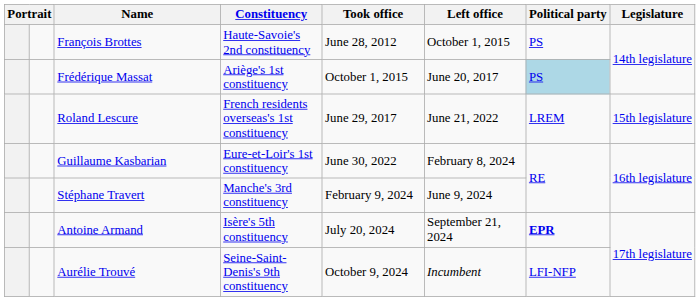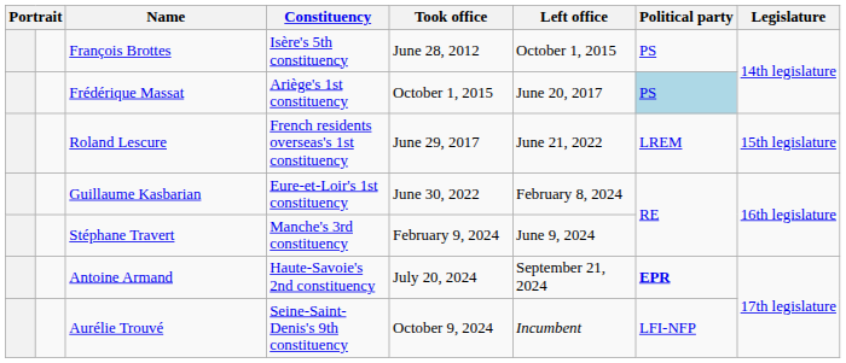 <table class="wikitable">
 <tr>
 <th colspan=2>Portrait</th>
 <th width=200>Name</th>
 <th width=120><a href='#'>Constituency</a></th>
 <th width=120>Took office</th>
 <th width=120>Left office</th>
 <th>Political party</th>
 <th>Legislature</th>
 </tr>
 <tr>
 <th style="background:"></th>
 <td></td>
 <td><a href='#'>François Brottes</a></td>
-<td><a href='#'>Haute-Savoie's 2nd constituency</a></td>
+<td><a href='#'>Isère's 5th constituency</a></td>
 <td>June 28, 2012</td>
 <td>October 1, 2015</td>
 <td><a href='#'>PS</a></td>
 <td rowspan=2><a href='#'>14th legislature</a></td>
 </tr>
 <tr>
 <th style="background:"></th>
 <td></td>
 <td><a href='#'>Frédérique Massat</a></td>
 <td><a href='#'>Ariège's 1st constituency</a></td>
 <td>October 1, 2015</td>
 <td>June 20, 2017</td>
 <td style="background: lightblue;"><a href='#'>PS</a></td>
 </tr>
 <tr>
 <th style="background:"></th>
 <td></td>
 <td><a href='#'>Roland Lescure</a></td>
 <td><a href='#'>French residents overseas's 1st constituency</a></td>
 <td>June 29, 2017</td>
 <td>June 21, 2022</td>
 <td><a href='#'>LREM</a></td>
 <td><a href='#'>15th legislature</a></td>
 </tr>
 <tr>
 <th style="background:"></th>
 <td></td>
 <td><a href='#'>Guillaume Kasbarian</a></td>
 <td><a href='#'>Eure-et-Loir's 1st constituency</a></td>
 <td>June 30, 2022</td>
 <td>February 8, 2024</td>
 <td rowspan="2"><a href='#'>RE</a></td>
 <td rowspan="2"><a href='#'>16th legislature</a></td>
 </tr>
 <tr>
 <th style="background:"></th>
 <td></td>
 <td><a href='#'>Stéphane Travert</a></td>
 <td><a href='#'>Manche's 3rd constituency</a></td>
 <td>February 9, 2024</td>
 <td>June 9, 2024</td>
 </tr>
 <tr>
 <th style="background:"></th>
 <td></td>
 <td><a href='#'>Antoine Armand</a></td>
-<td><a href='#'>Isère's 5th constituency</a></td>
+<td><a href='#'>Haute-Savoie's 2nd constituency</a></td>
 <td>July 20, 2024</td>
 <td>September 21, 2024</td>
 <td><strong><a href='#'>EPR</a></strong></td>
 <td rowspan="2"><a href='#'>17th legislature</a></td>
 </tr>
 <tr>
 <th style="background:"></th>
 <td></td>
 <td><a href='#'>Aurélie Trouvé</a></td>
 <td><a href='#'>Seine-Saint-Denis's 9th constituency</a></td>
 <td>October 9, 2024</td>
 <td><em>Incumbent</em></td>
 <td><a href='#'>LFI-NFP</a></td>
 </tr>
 </table>
